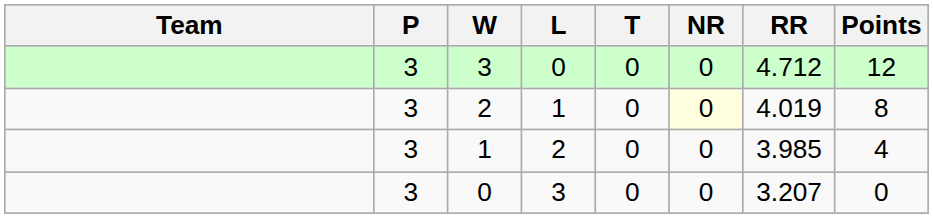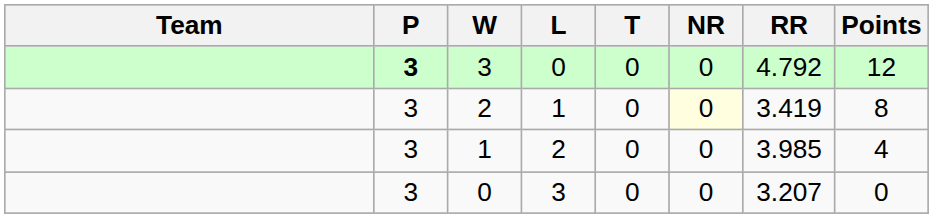 <table class="wikitable" style="text-align: center;">
 <tr>
 <th style="width:40%;">Team</th>
 <th style="width:8%;">P</th>
 <th style="width:8%;">W</th>
 <th style="width:8%;">L</th>
 <th style="width:8%;">T</th>
 <th style="width:8%;">NR</th>
 <th style="width:10%;">RR</th>
 <th style="width:10%;">Points</th>
 </tr>
 <tr style="background:#cfc;">
 <td align=left></td>
-<td>3</td>
+<td><strong>3</strong></td>
 <td>3</td>
 <td>0</td>
 <td>0</td>
 <td>0</td>
-<td>4.712</td>
+<td>4.792</td>
 <td>12</td>
 </tr>
 <tr>
 <td align=left></td>
 <td>3</td>
 <td>2</td>
 <td>1</td>
 <td>0</td>
 <td style="background: lightyellow;">0</td>
-<td>4.019</td>
+<td>3.419</td>
 <td>8</td>
 </tr>
 <tr>
 <td align=left></td>
 <td>3</td>
 <td>1</td>
 <td>2</td>
 <td>0</td>
 <td>0</td>
 <td>3.985</td>
 <td>4</td>
 </tr>
 <tr>
 <td align=left></td>
 <td>3</td>
 <td>0</td>
 <td>3</td>
 <td>0</td>
 <td>0</td>
 <td>3.207</td>
 <td>0</td>
 </tr>
 </table>
